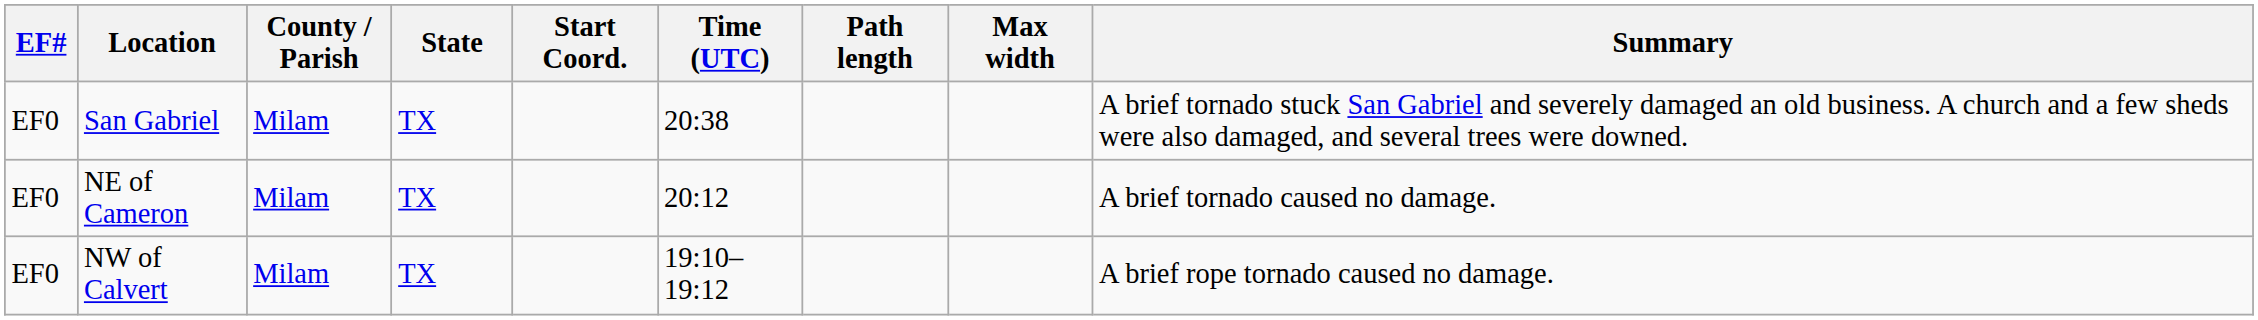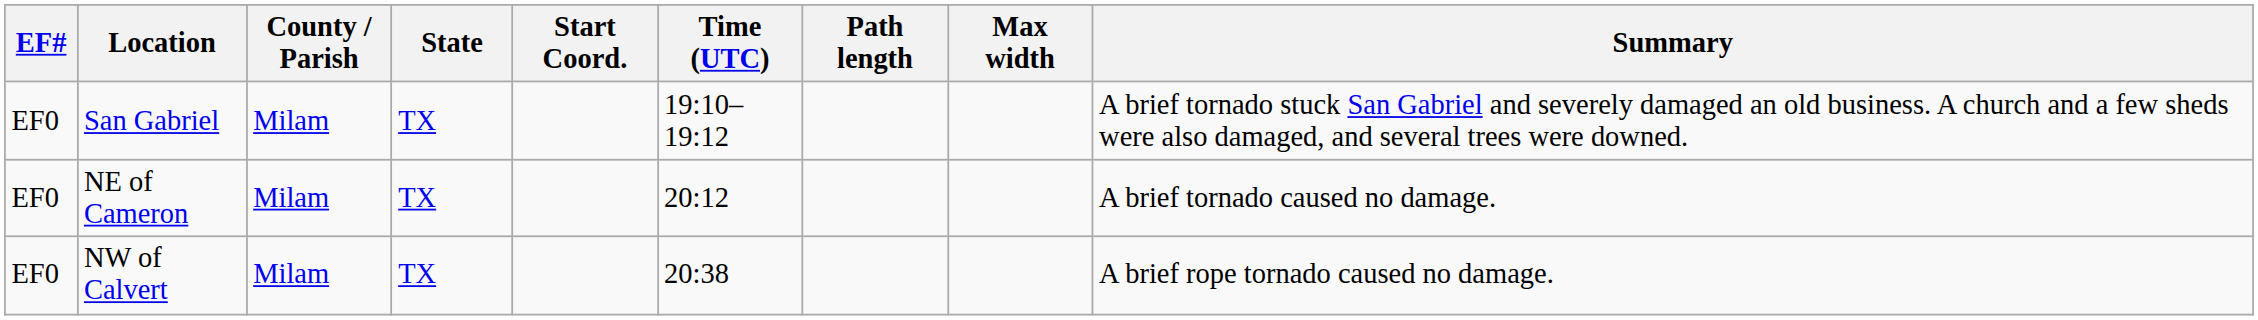 <table class="wikitable sortable" style="width:100%;">
 <tr>
 <th scope="col"  style="width:3%; text-align:center;"><a href='#'>EF#</a></th>
 <th scope="col"  style="width:7%; text-align:center;" class="unsortable">Location</th>
 <th scope="col"  style="width:6%; text-align:center;" class="unsortable">County / Parish</th>
 <th scope="col"  style="width:5%; text-align:center;">State</th>
 <th scope="col"  style="width:6%; text-align:center;">Start Coord.</th>
 <th scope="col"  style="width:6%; text-align:center;">Time (<a href='#'>UTC</a>)</th>
 <th scope="col"  style="width:6%; text-align:center;">Path length</th>
 <th scope="col"  style="width:6%; text-align:center;">Max width</th>
 <th scope="col" class="unsortable" style="width:48%; text-align:center;">Summary</th>
 </tr>
 <tr>
 <td>EF0</td>
 <td><a href='#'>San Gabriel</a></td>
 <td><a href='#'>Milam</a></td>
 <td><a href='#'>TX</a></td>
 <td></td>
-<td>20:38</td>
+<td>19:10–19:12</td>
 <td></td>
 <td></td>
 <td>A brief tornado stuck <a href='#'>San Gabriel</a> and severely damaged an old business. A church and a few sheds were also damaged, and several trees were downed.</td>
 </tr>
 <tr>
 <td>EF0</td>
 <td>NE of <a href='#'>Cameron</a></td>
 <td><a href='#'>Milam</a></td>
 <td><a href='#'>TX</a></td>
 <td></td>
 <td>20:12</td>
 <td></td>
 <td></td>
 <td>A brief tornado caused no damage.</td>
 </tr>
 <tr>
 <td>EF0</td>
 <td>NW of <a href='#'>Calvert</a></td>
 <td><a href='#'>Milam</a></td>
 <td><a href='#'>TX</a></td>
 <td></td>
-<td>19:10–19:12</td>
+<td>20:38</td>
 <td></td>
 <td></td>
 <td>A brief rope tornado caused no damage.</td>
 </tr>
 </table>
